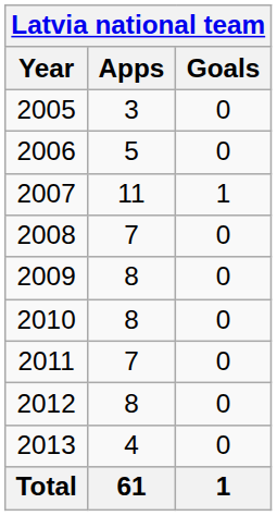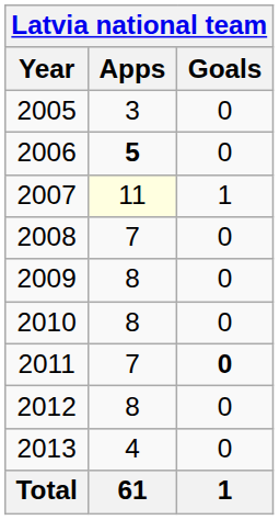 <table class="wikitable" style="text-align:center">
 <tr>
 <th colspan="3"><a href='#'>Latvia national team</a></th>
 </tr>
 <tr>
 <th>Year</th>
 <th>Apps</th>
 <th>Goals</th>
 </tr>
 <tr>
 <td>2005</td>
 <td>3</td>
 <td>0</td>
 </tr>
 <tr>
 <td>2006</td>
-<td>5</td>
+<td><strong>5</strong></td>
 <td>0</td>
 </tr>
 <tr>
 <td>2007</td>
-<td>11</td>
+<td style="background: lightyellow;">11</td>
 <td>1</td>
 </tr>
 <tr>
 <td>2008</td>
 <td>7</td>
 <td>0</td>
 </tr>
 <tr>
 <td>2009</td>
 <td>8</td>
 <td>0</td>
 </tr>
 <tr>
 <td>2010</td>
 <td>8</td>
 <td>0</td>
 </tr>
 <tr>
 <td>2011</td>
 <td>7</td>
-<td>0</td>
+<td><strong>0</strong></td>
 </tr>
 <tr>
 <td>2012</td>
 <td>8</td>
 <td>0</td>
 </tr>
 <tr>
 <td>2013</td>
 <td>4</td>
 <td>0</td>
 </tr>
 <tr>
 <th>Total</th>
 <th>61</th>
 <th>1</th>
 </tr>
 </table>
